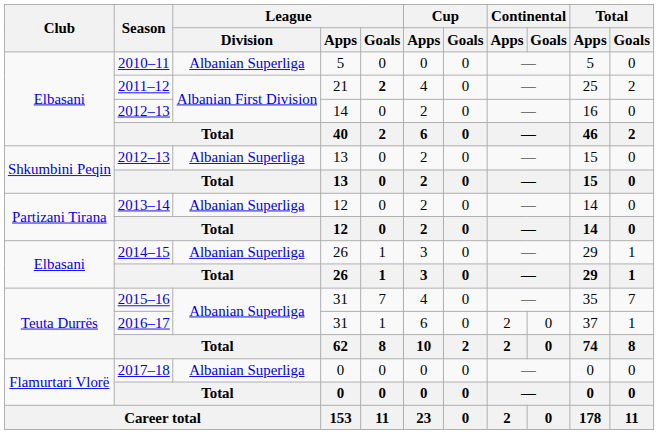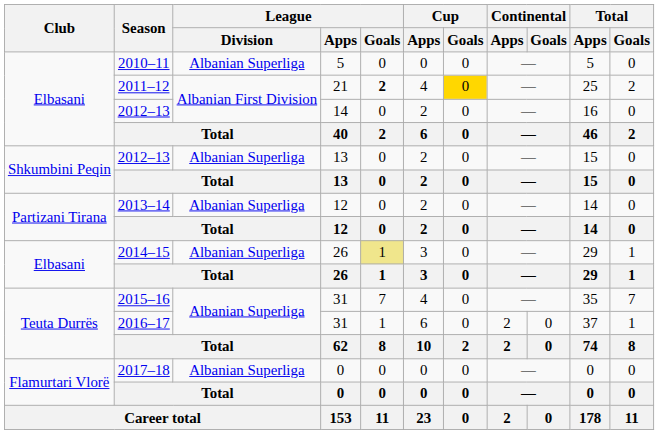 <table class="wikitable" style="text-align: center;">
 <tr>
 <th rowspan="2">Club</th>
 <th rowspan="2">Season</th>
 <th colspan="3">League</th>
 <th colspan="2">Cup</th>
 <th colspan="2">Continental</th>
 <th colspan="2">Total</th>
 </tr>
 <tr>
 <th>Division</th>
 <th>Apps</th>
 <th>Goals</th>
 <th>Apps</th>
 <th>Goals</th>
 <th>Apps</th>
 <th>Goals</th>
 <th>Apps</th>
 <th>Goals</th>
 </tr>
 <tr>
 <td rowspan="4"><a href='#'>Elbasani</a></td>
 <td><a href='#'>2010–11</a></td>
 <td rowspan="1"><a href='#'>Albanian Superliga</a></td>
 <td>5</td>
 <td>0</td>
 <td>0</td>
 <td>0</td>
 <td colspan="2">—</td>
 <td>5</td>
 <td>0</td>
 </tr>
 <tr>
 <td><a href='#'>2011–12</a></td>
 <td rowspan="2"><a href='#'>Albanian First Division</a></td>
 <td>21</td>
 <td><strong>2</strong></td>
 <td>4</td>
-<td>0</td>
+<td style="background: gold;">0</td>
 <td colspan="2">—</td>
 <td>25</td>
 <td>2</td>
 </tr>
 <tr>
 <td><a href='#'>2012–13</a></td>
 <td>14</td>
 <td>0</td>
 <td>2</td>
 <td>0</td>
 <td colspan="2">—</td>
 <td>16</td>
 <td>0</td>
 </tr>
 <tr>
 <th colspan="2">Total</th>
 <th>40</th>
 <th>2</th>
 <th>6</th>
 <th>0</th>
 <th colspan="2">—</th>
 <th>46</th>
 <th>2</th>
 </tr>
 <tr>
 <td rowspan="2"><a href='#'>Shkumbini Peqin</a></td>
 <td><a href='#'>2012–13</a></td>
 <td rowspan="1"><a href='#'>Albanian Superliga</a></td>
 <td>13</td>
 <td>0</td>
 <td>2</td>
 <td>0</td>
 <td colspan="2">—</td>
 <td>15</td>
 <td>0</td>
 </tr>
 <tr>
 <th colspan="2">Total</th>
 <th>13</th>
 <th>0</th>
 <th>2</th>
 <th>0</th>
 <th colspan="2">—</th>
 <th>15</th>
 <th>0</th>
 </tr>
 <tr>
 <td rowspan="2"><a href='#'>Partizani Tirana</a></td>
 <td><a href='#'>2013–14</a></td>
 <td rowspan="1"><a href='#'>Albanian Superliga</a></td>
 <td>12</td>
 <td>0</td>
 <td>2</td>
 <td>0</td>
 <td colspan="2">—</td>
 <td>14</td>
 <td>0</td>
 </tr>
 <tr>
 <th colspan="2">Total</th>
 <th>12</th>
 <th>0</th>
 <th>2</th>
 <th>0</th>
 <th colspan="2">—</th>
 <th>14</th>
 <th>0</th>
 </tr>
 <tr>
 <td rowspan="2"><a href='#'>Elbasani</a></td>
 <td><a href='#'>2014–15</a></td>
 <td rowspan="1"><a href='#'>Albanian Superliga</a></td>
 <td>26</td>
-<td>1</td>
+<td style="background: khaki;">1</td>
 <td>3</td>
 <td>0</td>
 <td colspan="2">—</td>
 <td>29</td>
 <td>1</td>
 </tr>
 <tr>
 <th colspan="2">Total</th>
 <th>26</th>
 <th>1</th>
 <th>3</th>
 <th>0</th>
 <th colspan="2">—</th>
 <th>29</th>
 <th>1</th>
 </tr>
 <tr>
 <td rowspan="3"><a href='#'>Teuta Durrës</a></td>
 <td><a href='#'>2015–16</a></td>
 <td rowspan="2"><a href='#'>Albanian Superliga</a></td>
 <td>31</td>
 <td>7</td>
 <td>4</td>
 <td>0</td>
 <td colspan="2">—</td>
 <td>35</td>
 <td>7</td>
 </tr>
 <tr>
 <td><a href='#'>2016–17</a></td>
 <td>31</td>
 <td>1</td>
 <td>6</td>
 <td>0</td>
 <td>2</td>
 <td>0</td>
 <td>37</td>
 <td>1</td>
 </tr>
 <tr>
 <th colspan="2">Total</th>
 <th>62</th>
 <th>8</th>
 <th>10</th>
 <th>2</th>
 <th>2</th>
 <th>0</th>
 <th>74</th>
 <th>8</th>
 </tr>
 <tr>
 <td rowspan="2"><a href='#'>Flamurtari Vlorë</a></td>
 <td><a href='#'>2017–18</a></td>
 <td rowspan="1"><a href='#'>Albanian Superliga</a></td>
 <td>0</td>
 <td>0</td>
 <td>0</td>
 <td>0</td>
 <td colspan="2">—</td>
 <td>0</td>
 <td>0</td>
 </tr>
 <tr>
 <th colspan="2">Total</th>
 <th>0</th>
 <th>0</th>
 <th>0</th>
 <th>0</th>
 <th colspan="2">—</th>
 <th>0</th>
 <th>0</th>
 </tr>
 <tr>
 <th colspan="3">Career total</th>
 <th>153</th>
 <th>11</th>
 <th>23</th>
 <th>0</th>
 <th>2</th>
 <th>0</th>
 <th>178</th>
 <th>11</th>
 </tr>
 </table>
